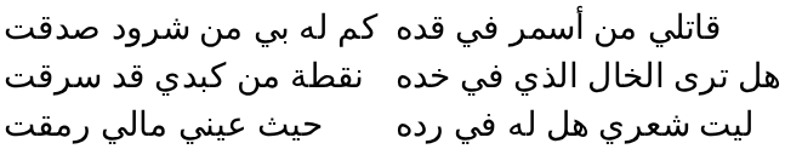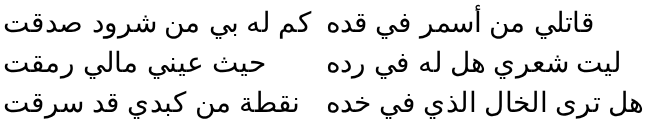 <table>
 <tr>
 <td>كم له بي من شرود صدقت</td>
 <td></td>
 <td>قاتلي من أسمر في قده</td>
 </tr>
 <tr>
+<td>حيث عيني مالي رمقت</td>
+<td></td>
+<td>ليت شعري هل له في رده</td>
+</tr>
+<tr>
 <td>نقطة من كبدي قد سرقت</td>
 <td></td>
 <td>هل ترى الخال الذي‌ في خده</td>
 </tr>
-<tr>
-<td>حيث عيني مالي رمقت</td>
-<td></td>
-<td>ليت شعري هل له في رده</td>
-</tr>
 </table>
